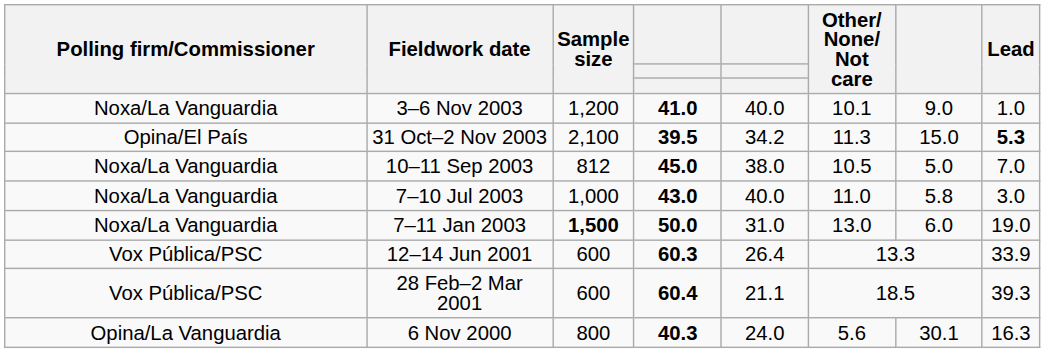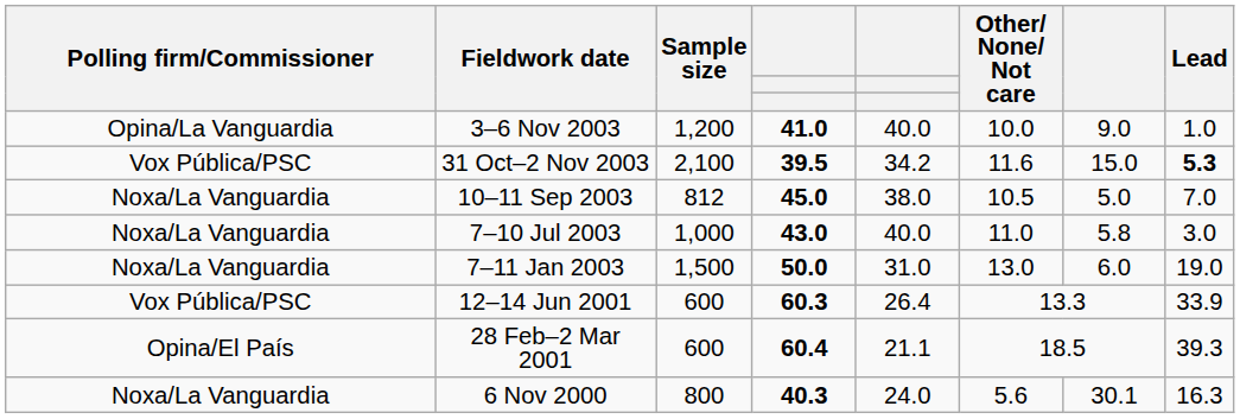 <table class="wikitable collapsible collapsed" style="text-align:center; font-size:90%; line-height:14px;">
 <tr style="height:42px;">
 <th style="width:250px;" rowspan="3">Polling firm/Commissioner</th>
 <th style="width:125px;" rowspan="3">Fieldwork date</th>
 <th style="width:50px;" rowspan="3">Sample size</th>
 <th style="width:55px;"></th>
 <th style="width:55px;"></th>
 <th style="width:55px;" rowspan="3">Other/<br>None/<br>Not<br>care</th>
 <th style="width:55px;" rowspan="3"></th>
 <th style="width:30px;" rowspan="3">Lead</th>
 </tr>
 <tr>
 <th style="color:inherit;background:"></th>
 <th style="color:inherit;background:"></th>
 </tr>
 <tr>
 <th></th>
 <th></th>
 </tr>
 <tr>
-<td>Noxa/La Vanguardia</td>
+<td>Opina/La Vanguardia</td>
 <td>3–6 Nov 2003</td>
 <td>1,200</td>
 <td><strong>41.0</strong></td>
 <td>40.0</td>
-<td>10.1</td>
+<td>10.0</td>
 <td>9.0</td>
 <td style="background:">1.0</td>
 </tr>
 <tr>
-<td>Opina/El País</td>
+<td>Vox Pública/PSC</td>
 <td>31 Oct–2 Nov 2003</td>
 <td>2,100</td>
 <td><strong>39.5</strong></td>
 <td>34.2</td>
-<td>11.3</td>
+<td>11.6</td>
 <td>15.0</td>
 <td style="background:"><strong>5.3</strong></td>
 </tr>
 <tr>
 <td>Noxa/La Vanguardia</td>
 <td>10–11 Sep 2003</td>
 <td>812</td>
 <td><strong>45.0</strong></td>
 <td>38.0</td>
 <td>10.5</td>
 <td>5.0</td>
 <td style="background:">7.0</td>
 </tr>
 <tr>
 <td>Noxa/La Vanguardia</td>
 <td>7–10 Jul 2003</td>
 <td>1,000</td>
 <td><strong>43.0</strong></td>
 <td>40.0</td>
 <td>11.0</td>
 <td>5.8</td>
 <td style="background:">3.0</td>
 </tr>
 <tr>
 <td>Noxa/La Vanguardia</td>
 <td>7–11 Jan 2003</td>
-<td><strong>1,500</strong></td>
+<td>1,500</td>
 <td><strong>50.0</strong></td>
 <td>31.0</td>
 <td>13.0</td>
 <td>6.0</td>
 <td style="background:">19.0</td>
 </tr>
 <tr>
 <td>Vox Pública/PSC</td>
 <td>12–14 Jun 2001</td>
 <td>600</td>
 <td><strong>60.3</strong></td>
 <td>26.4</td>
 <td colspan="2">13.3</td>
 <td style="background:">33.9</td>
 </tr>
 <tr>
-<td>Vox Pública/PSC</td>
+<td>Opina/El País</td>
 <td>28 Feb–2 Mar 2001</td>
 <td>600</td>
 <td><strong>60.4</strong></td>
 <td>21.1</td>
 <td colspan="2">18.5</td>
 <td style="background:">39.3</td>
 </tr>
 <tr>
-<td>Opina/La Vanguardia</td>
+<td>Noxa/La Vanguardia</td>
 <td>6 Nov 2000</td>
 <td>800</td>
 <td><strong>40.3</strong></td>
 <td>24.0</td>
 <td>5.6</td>
 <td>30.1</td>
 <td style="background:">16.3</td>
 </tr>
 </table>
